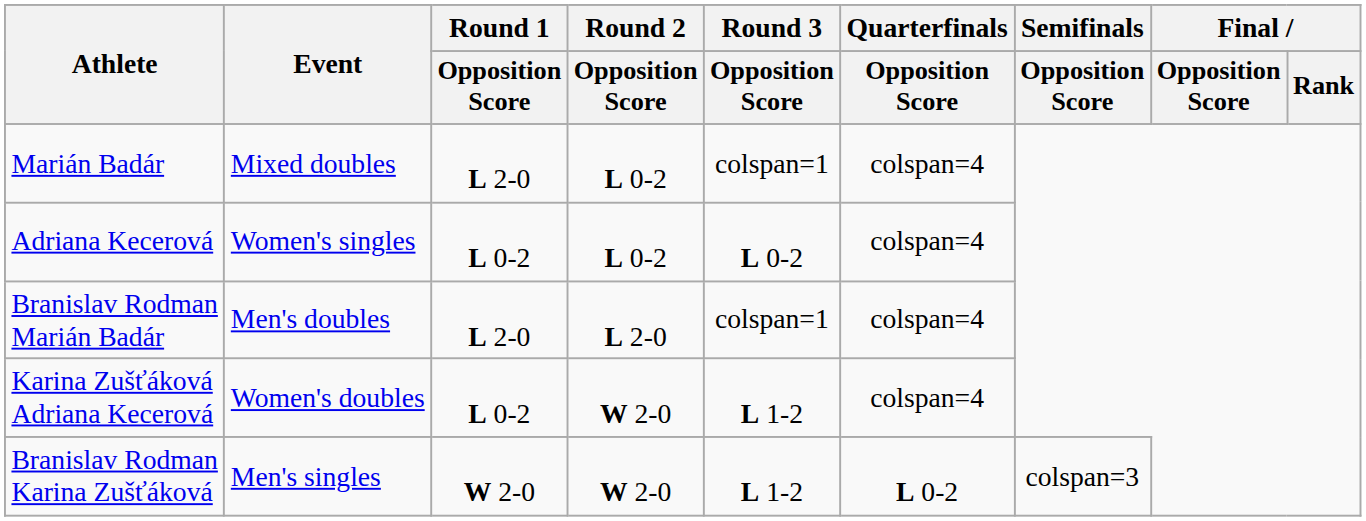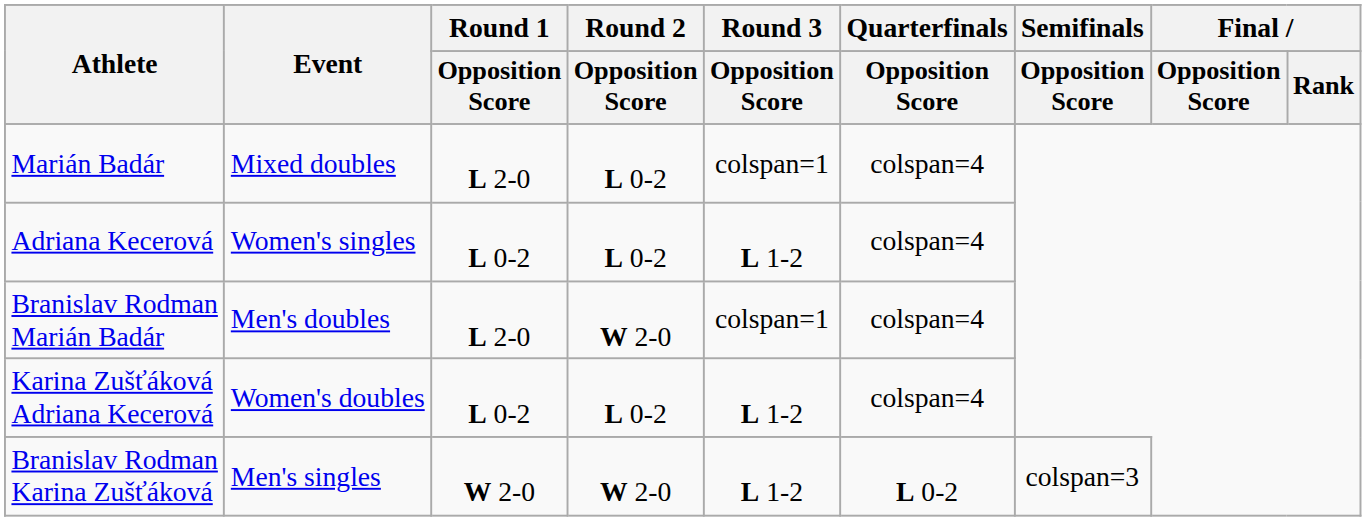 <table class=wikitable style="font-size:90%">
 <tr>
 <th rowspan="2">Athlete</th>
 <th rowspan="2">Event</th>
 <th>Round 1</th>
 <th>Round 2</th>
 <th>Round 3</th>
 <th>Quarterfinals</th>
 <th>Semifinals</th>
 <th colspan=2>Final / </th>
 </tr>
 <tr style="font-size:95%">
 <th>Opposition<br>Score</th>
 <th>Opposition<br>Score</th>
 <th>Opposition<br>Score</th>
 <th>Opposition<br>Score</th>
 <th>Opposition<br>Score</th>
 <th>Opposition<br>Score</th>
 <th>Rank</th>
 </tr>
 <tr align=center>
 <td align=left><a href='#'>Marián Badár</a></td>
 <td align=left><a href='#'>Mixed doubles</a></td>
 <td><br><strong>L</strong> 2-0</td>
 <td><br><strong>L</strong> 0-2</td>
 <td>colspan=1 </td>
 <td>colspan=4 </td>
 </tr>
 <tr align=center>
 <td align=left><a href='#'>Adriana Kecerová</a></td>
 <td align=left><a href='#'>Women's singles</a></td>
 <td><br><strong>L</strong> 0-2</td>
 <td><br><strong>L</strong> 0-2</td>
-<td><br><strong>L</strong> 0-2</td>
+<td><br><strong>L</strong> 1-2</td>
 <td>colspan=4 </td>
 </tr>
 <tr align=center>
 <td align=left><a href='#'>Branislav Rodman</a><br><a href='#'>Marián Badár</a></td>
 <td align=left><a href='#'>Men's doubles</a></td>
 <td><br><strong>L</strong> 2-0</td>
-<td><br><strong>L</strong> 2-0</td>
+<td><br><strong>W</strong> 2-0</td>
 <td>colspan=1 </td>
 <td>colspan=4 </td>
 </tr>
 <tr align=center>
 <td align=left><a href='#'>Karina Zušťáková</a><br><a href='#'>Adriana Kecerová</a></td>
 <td align=left><a href='#'>Women's doubles</a></td>
 <td><br><strong>L</strong> 0-2</td>
-<td><br><strong>W</strong> 2-0</td>
+<td><br><strong>L</strong> 0-2</td>
 <td><br><strong>L</strong> 1-2</td>
 <td>colspan=4 </td>
 </tr>
 <tr align=center>
 <td align=left><a href='#'>Branislav Rodman</a><br><a href='#'>Karina Zušťáková</a></td>
 <td align=left><a href='#'>Men's singles</a></td>
 <td><br><strong>W</strong> 2-0</td>
 <td><br><strong>W</strong> 2-0</td>
 <td><br><strong>L</strong> 1-2</td>
 <td><br><strong>L</strong> 0-2</td>
 <td>colspan=3 </td>
 </tr>
 </table>
